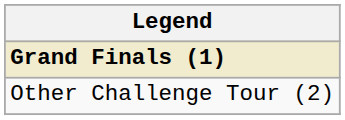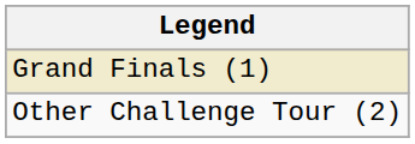 <table class="wikitable" style="font-size:95%;">
 <tr>
 <th>Legend</th>
 </tr>
 <tr style="background:#f2ecce;">
-<td><strong>Grand Finals (1)</strong></td>
+<td>Grand Finals (1)</td>
 </tr>
 <tr>
 <td>Other Challenge Tour (2)</td>
 </tr>
 </table>
